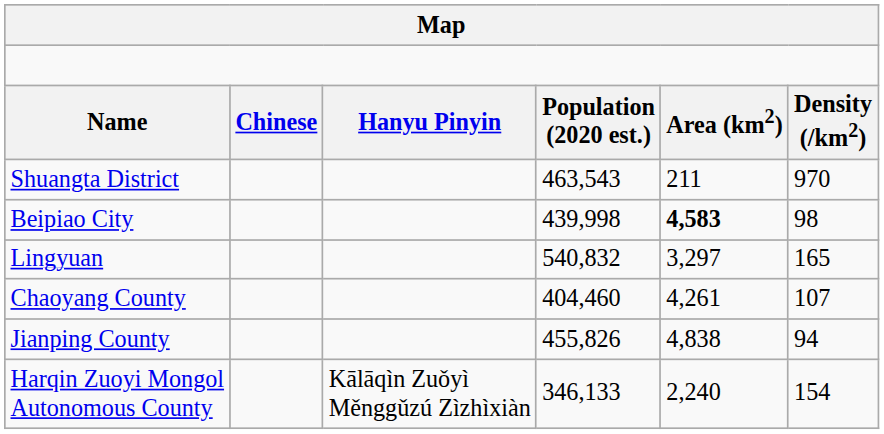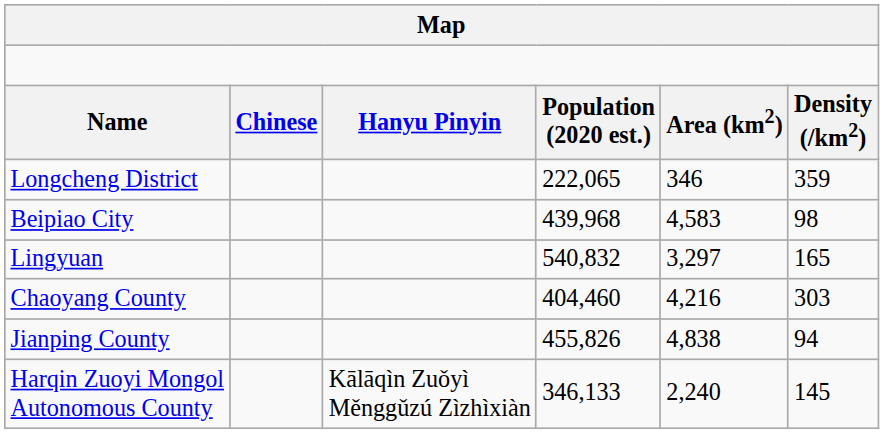 <table class="wikitable"  style="font-size:90%;" align=center>
 <tr>
 <th colspan="6" align="center">Map</th>
 </tr>
 <tr>
 <td colspan="6" align="center"><div><br>          </div></td>
 </tr>
 <tr>
 <th>Name</th>
 <th><a href='#'>Chinese</a></th>
 <th><a href='#'>Hanyu Pinyin</a></th>
 <th>Population<br>(2020 est.)</th>
 <th>Area (km<sup>2</sup>)</th>
 <th>Density<br>(/km<sup>2</sup>)</th>
 </tr>
 <tr --------->
-<td><a href='#'>Shuangta District</a></td>
+<td><a href='#'>Longcheng District</a></td>
 <td></td>
 <td></td>
-<td>463,543</td>
-<td>211</td>
-<td>970</td>
+<td>222,065</td>
+<td>346</td>
+<td>359</td>
 </tr>
 <tr --------->
 <td><a href='#'>Beipiao City</a></td>
 <td></td>
 <td></td>
-<td>439,998</td>
-<td><strong>4,583</strong></td>
+<td>439,968</td>
+<td>4,583</td>
 <td>98</td>
 </tr>
 <tr --------->
 <td><a href='#'>Lingyuan</a></td>
 <td></td>
 <td></td>
 <td>540,832</td>
 <td>3,297</td>
 <td>165</td>
 </tr>
 <tr --------->
 <td><a href='#'>Chaoyang County</a></td>
 <td></td>
 <td></td>
 <td>404,460</td>
-<td>4,261</td>
-<td>107</td>
+<td>4,216</td>
+<td>303</td>
 </tr>
 <tr --------->
 <td><a href='#'>Jianping County</a></td>
 <td></td>
 <td></td>
 <td>455,826</td>
 <td>4,838</td>
 <td>94</td>
 </tr>
 <tr --------->
 <td><a href='#'>Harqin Zuoyi Mongol<br>Autonomous County</a></td>
 <td></td>
 <td>Kālāqìn Zuǒyì<br>Měnggǔzú Zìzhìxiàn</td>
 <td>346,133</td>
 <td>2,240</td>
-<td>154</td>
+<td>145</td>
 </tr>
 </table>
